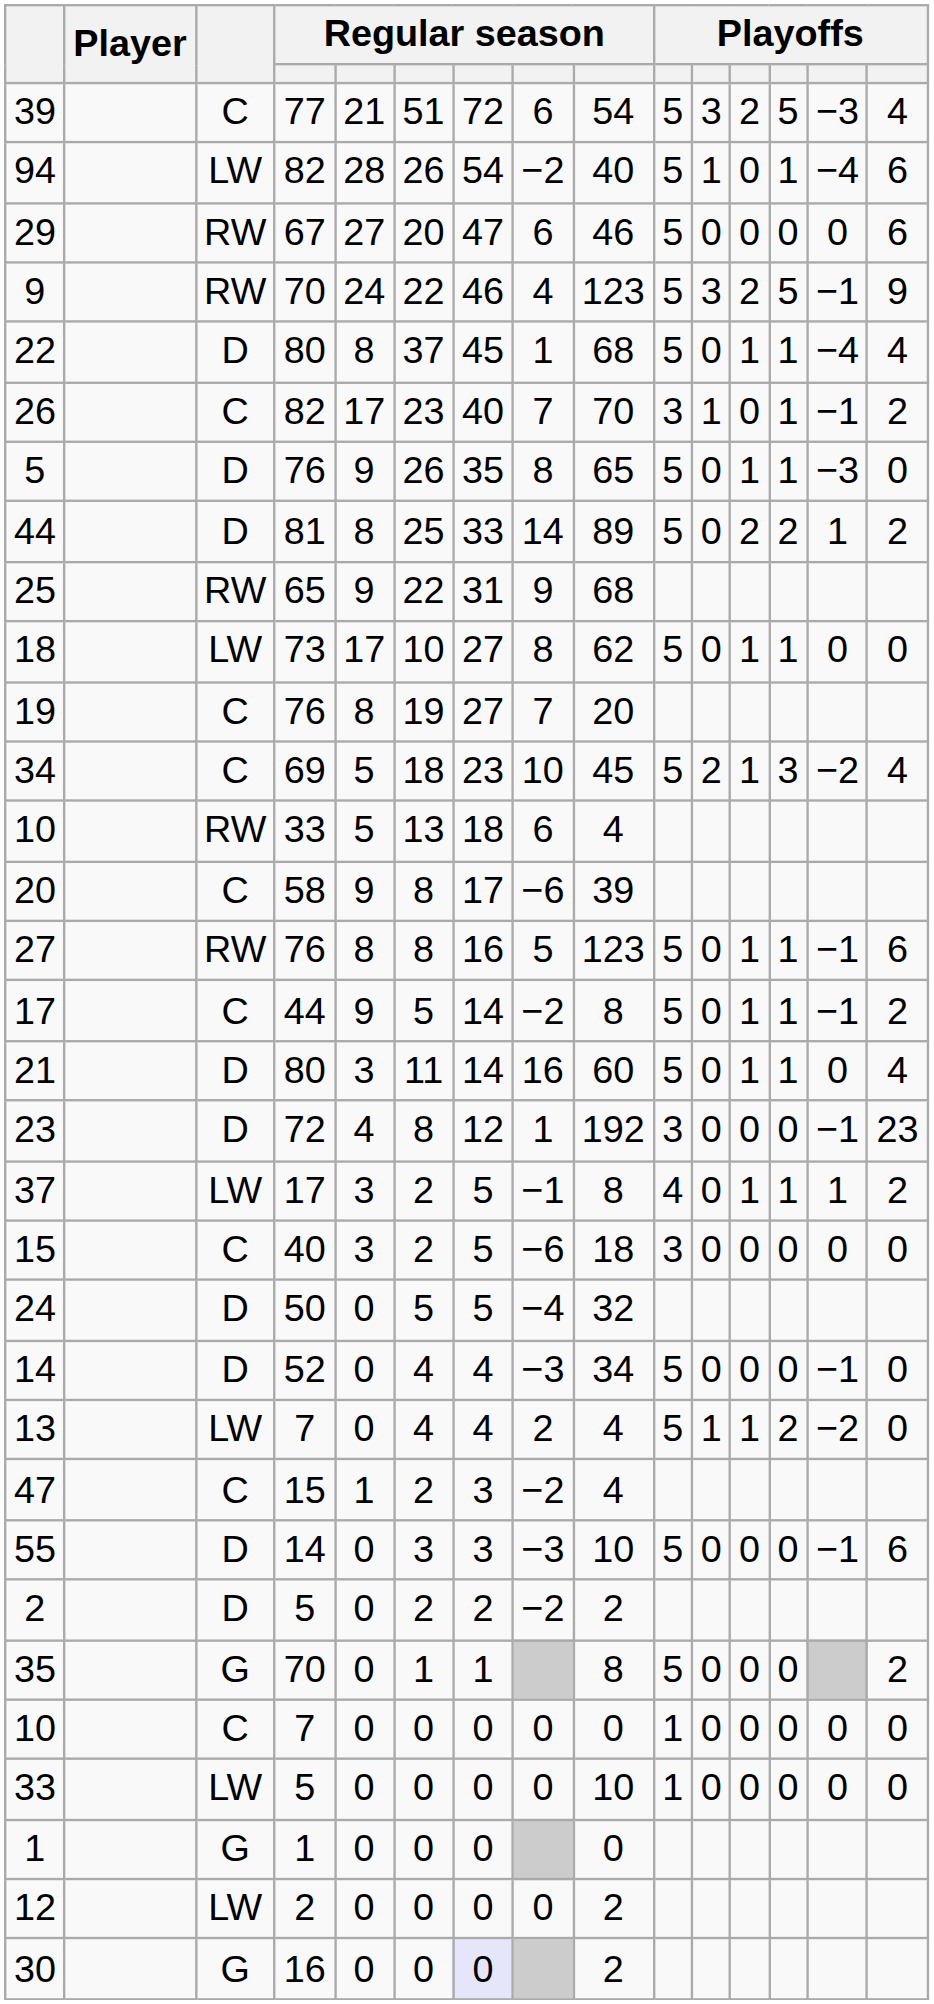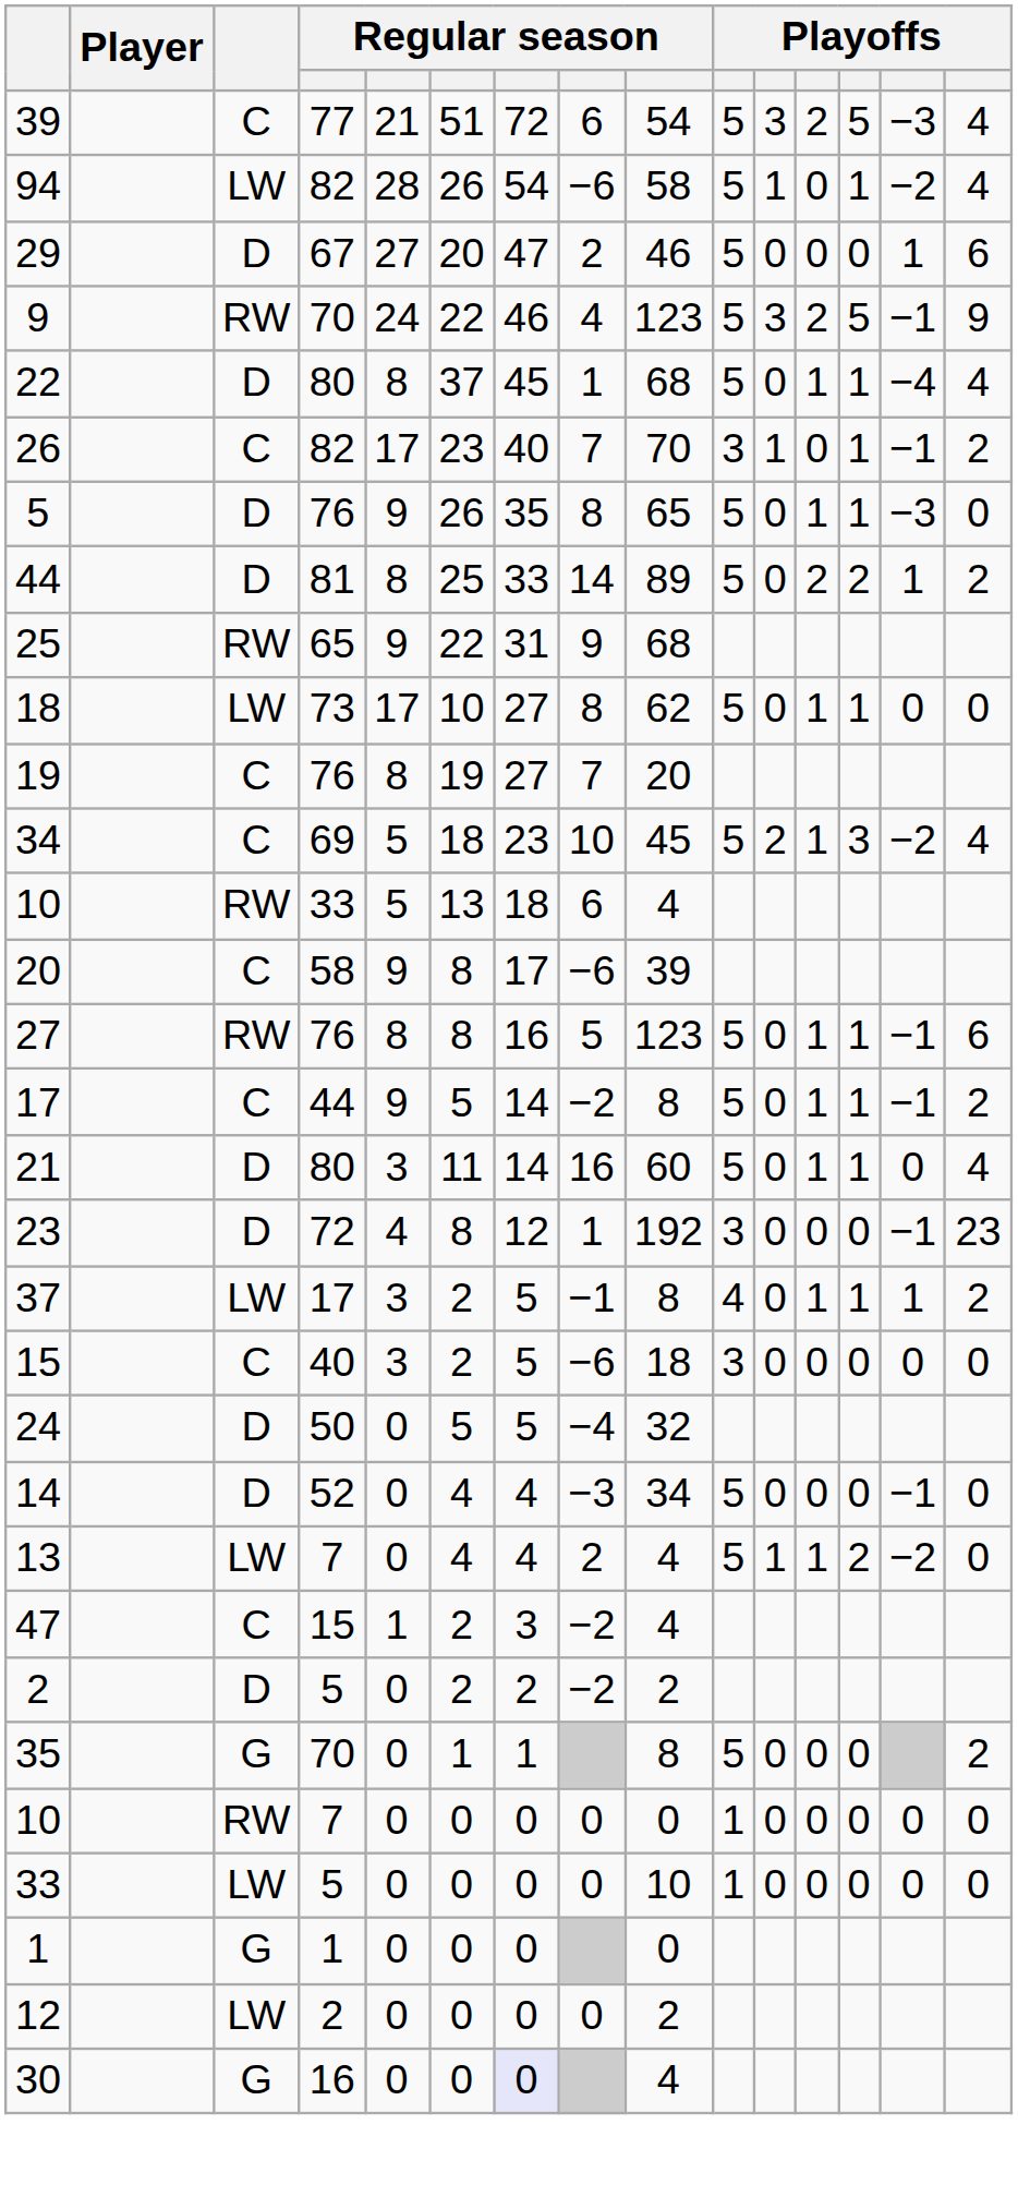 <table class="wikitable sortable plainrowheaders" style="text-align:center;">
 <tr>
 <th scope="col" data-sort-type="number" rowspan="2"></th>
 <th scope="col" rowspan="2">Player</th>
 <th scope="col" rowspan="2"></th>
 <th scope=colgroup colspan=6>Regular season</th>
 <th scope=colgroup colspan=6>Playoffs</th>
 </tr>
 <tr>
 <th scope="col" data-sort-type="number"></th>
 <th scope="col" data-sort-type="number"></th>
 <th scope="col" data-sort-type="number"></th>
 <th scope="col" data-sort-type="number"></th>
 <th scope="col" data-sort-type="number"></th>
 <th scope="col" data-sort-type="number"></th>
 <th scope="col" data-sort-type="number"></th>
 <th scope="col" data-sort-type="number"></th>
 <th scope="col" data-sort-type="number"></th>
 <th scope="col" data-sort-type="number"></th>
 <th scope="col" data-sort-type="number"></th>
 <th scope="col" data-sort-type="number"></th>
 </tr>
 <tr>
 <td scope="row">39</td>
 <td align="left"></td>
 <td>C</td>
 <td>77</td>
 <td>21</td>
 <td>51</td>
 <td>72</td>
 <td>6</td>
 <td>54</td>
 <td>5</td>
 <td>3</td>
 <td>2</td>
 <td>5</td>
 <td>−3</td>
 <td>4</td>
 </tr>
 <tr>
 <td scope="row">94</td>
 <td align="left"></td>
 <td>LW</td>
 <td>82</td>
 <td>28</td>
 <td>26</td>
 <td>54</td>
-<td>−2</td>
-<td>40</td>
+<td>−6</td>
+<td>58</td>
 <td>5</td>
 <td>1</td>
 <td>0</td>
 <td>1</td>
-<td>−4</td>
-<td>6</td>
+<td>−2</td>
+<td>4</td>
 </tr>
 <tr>
 <td scope="row">29</td>
 <td align="left"></td>
-<td>RW</td>
+<td>D</td>
 <td>67</td>
 <td>27</td>
 <td>20</td>
 <td>47</td>
-<td>6</td>
+<td>2</td>
 <td>46</td>
 <td>5</td>
 <td>0</td>
 <td>0</td>
 <td>0</td>
-<td>0</td>
+<td>1</td>
 <td>6</td>
 </tr>
 <tr>
 <td scope="row">9</td>
 <td align="left"></td>
 <td>RW</td>
 <td>70</td>
 <td>24</td>
 <td>22</td>
 <td>46</td>
 <td>4</td>
 <td>123</td>
 <td>5</td>
 <td>3</td>
 <td>2</td>
 <td>5</td>
 <td>−1</td>
 <td>9</td>
 </tr>
 <tr>
 <td scope="row">22</td>
 <td align="left"></td>
 <td>D</td>
 <td>80</td>
 <td>8</td>
 <td>37</td>
 <td>45</td>
 <td>1</td>
 <td>68</td>
 <td>5</td>
 <td>0</td>
 <td>1</td>
 <td>1</td>
 <td>−4</td>
 <td>4</td>
 </tr>
 <tr>
 <td scope="row">26</td>
 <td align="left"></td>
 <td>C</td>
 <td>82</td>
 <td>17</td>
 <td>23</td>
 <td>40</td>
 <td>7</td>
 <td>70</td>
 <td>3</td>
 <td>1</td>
 <td>0</td>
 <td>1</td>
 <td>−1</td>
 <td>2</td>
 </tr>
 <tr>
 <td scope="row">5</td>
 <td align="left"></td>
 <td>D</td>
 <td>76</td>
 <td>9</td>
 <td>26</td>
 <td>35</td>
 <td>8</td>
 <td>65</td>
 <td>5</td>
 <td>0</td>
 <td>1</td>
 <td>1</td>
 <td>−3</td>
 <td>0</td>
 </tr>
 <tr>
 <td scope="row">44</td>
 <td align="left"></td>
 <td>D</td>
 <td>81</td>
 <td>8</td>
 <td>25</td>
 <td>33</td>
 <td>14</td>
 <td>89</td>
 <td>5</td>
 <td>0</td>
 <td>2</td>
 <td>2</td>
 <td>1</td>
 <td>2</td>
 </tr>
 <tr>
 <td scope="row">25</td>
 <td align="left"></td>
 <td>RW</td>
 <td>65</td>
 <td>9</td>
 <td>22</td>
 <td>31</td>
 <td>9</td>
 <td>68</td>
 <td></td>
 <td></td>
 <td></td>
 <td></td>
 <td></td>
 <td></td>
 </tr>
 <tr>
 <td scope="row">18</td>
 <td align="left"></td>
 <td>LW</td>
 <td>73</td>
 <td>17</td>
 <td>10</td>
 <td>27</td>
 <td>8</td>
 <td>62</td>
 <td>5</td>
 <td>0</td>
 <td>1</td>
 <td>1</td>
 <td>0</td>
 <td>0</td>
 </tr>
 <tr>
 <td scope="row">19</td>
 <td align="left"></td>
 <td>C</td>
 <td>76</td>
 <td>8</td>
 <td>19</td>
 <td>27</td>
 <td>7</td>
 <td>20</td>
 <td></td>
 <td></td>
 <td></td>
 <td></td>
 <td></td>
 <td></td>
 </tr>
 <tr>
 <td scope="row">34</td>
 <td align="left"></td>
 <td>C</td>
 <td>69</td>
 <td>5</td>
 <td>18</td>
 <td>23</td>
 <td>10</td>
 <td>45</td>
 <td>5</td>
 <td>2</td>
 <td>1</td>
 <td>3</td>
 <td>−2</td>
 <td>4</td>
 </tr>
 <tr>
 <td scope="row">10</td>
 <td align="left"></td>
 <td>RW</td>
 <td>33</td>
 <td>5</td>
 <td>13</td>
 <td>18</td>
 <td>6</td>
 <td>4</td>
 <td></td>
 <td></td>
 <td></td>
 <td></td>
 <td></td>
 <td></td>
 </tr>
 <tr>
 <td scope="row">20</td>
 <td align="left"></td>
 <td>C</td>
 <td>58</td>
 <td>9</td>
 <td>8</td>
 <td>17</td>
 <td>−6</td>
 <td>39</td>
 <td></td>
 <td></td>
 <td></td>
 <td></td>
 <td></td>
 <td></td>
 </tr>
 <tr>
 <td scope="row">27</td>
 <td align="left"></td>
 <td>RW</td>
 <td>76</td>
 <td>8</td>
 <td>8</td>
 <td>16</td>
 <td>5</td>
 <td>123</td>
 <td>5</td>
 <td>0</td>
 <td>1</td>
 <td>1</td>
 <td>−1</td>
 <td>6</td>
 </tr>
 <tr>
 <td scope="row">17</td>
 <td align="left"></td>
 <td>C</td>
 <td>44</td>
 <td>9</td>
 <td>5</td>
 <td>14</td>
 <td>−2</td>
 <td>8</td>
 <td>5</td>
 <td>0</td>
 <td>1</td>
 <td>1</td>
 <td>−1</td>
 <td>2</td>
 </tr>
 <tr>
 <td scope="row">21</td>
 <td align="left"></td>
 <td>D</td>
 <td>80</td>
 <td>3</td>
 <td>11</td>
 <td>14</td>
 <td>16</td>
 <td>60</td>
 <td>5</td>
 <td>0</td>
 <td>1</td>
 <td>1</td>
 <td>0</td>
 <td>4</td>
 </tr>
 <tr>
 <td scope="row">23</td>
 <td align="left"></td>
 <td>D</td>
 <td>72</td>
 <td>4</td>
 <td>8</td>
 <td>12</td>
 <td>1</td>
 <td>192</td>
 <td>3</td>
 <td>0</td>
 <td>0</td>
 <td>0</td>
 <td>−1</td>
 <td>23</td>
 </tr>
 <tr>
 <td scope="row">37</td>
 <td align="left"></td>
 <td>LW</td>
 <td>17</td>
 <td>3</td>
 <td>2</td>
 <td>5</td>
 <td>−1</td>
 <td>8</td>
 <td>4</td>
 <td>0</td>
 <td>1</td>
 <td>1</td>
 <td>1</td>
 <td>2</td>
 </tr>
 <tr>
 <td scope="row">15</td>
 <td align="left"></td>
 <td>C</td>
 <td>40</td>
 <td>3</td>
 <td>2</td>
 <td>5</td>
 <td>−6</td>
 <td>18</td>
 <td>3</td>
 <td>0</td>
 <td>0</td>
 <td>0</td>
 <td>0</td>
 <td>0</td>
 </tr>
 <tr>
 <td scope="row">24</td>
 <td align="left"></td>
 <td>D</td>
 <td>50</td>
 <td>0</td>
 <td>5</td>
 <td>5</td>
 <td>−4</td>
 <td>32</td>
 <td></td>
 <td></td>
 <td></td>
 <td></td>
 <td></td>
 <td></td>
 </tr>
 <tr>
 <td scope="row">14</td>
 <td align="left"></td>
 <td>D</td>
 <td>52</td>
 <td>0</td>
 <td>4</td>
 <td>4</td>
 <td>−3</td>
 <td>34</td>
 <td>5</td>
 <td>0</td>
 <td>0</td>
 <td>0</td>
 <td>−1</td>
 <td>0</td>
 </tr>
 <tr>
 <td scope="row">13</td>
 <td align="left"></td>
 <td>LW</td>
 <td>7</td>
 <td>0</td>
 <td>4</td>
 <td>4</td>
 <td>2</td>
 <td>4</td>
 <td>5</td>
 <td>1</td>
 <td>1</td>
 <td>2</td>
 <td>−2</td>
 <td>0</td>
 </tr>
 <tr>
 <td scope="row">47</td>
 <td align="left"></td>
 <td>C</td>
 <td>15</td>
 <td>1</td>
 <td>2</td>
 <td>3</td>
 <td>−2</td>
 <td>4</td>
 <td></td>
 <td></td>
 <td></td>
 <td></td>
 <td></td>
 <td></td>
 </tr>
 <tr>
-<td scope="row">55</td>
-<td align="left"></td>
-<td>D</td>
-<td>14</td>
-<td>0</td>
-<td>3</td>
-<td>3</td>
-<td>−3</td>
-<td>10</td>
-<td>5</td>
-<td>0</td>
-<td>0</td>
-<td>0</td>
-<td>−1</td>
-<td>6</td>
-</tr>
-<tr>
 <td scope="row">2</td>
 <td align="left"></td>
 <td>D</td>
 <td>5</td>
 <td>0</td>
 <td>2</td>
 <td>2</td>
 <td>−2</td>
 <td>2</td>
 <td></td>
 <td></td>
 <td></td>
 <td></td>
 <td></td>
 <td></td>
 </tr>
 <tr>
 <td scope="row">35</td>
 <td align="left"></td>
 <td>G</td>
 <td>70</td>
 <td>0</td>
 <td>1</td>
 <td>1</td>
 <td style="background:#ccc"></td>
 <td>8</td>
 <td>5</td>
 <td>0</td>
 <td>0</td>
 <td>0</td>
 <td style="background:#ccc"></td>
 <td>2</td>
 </tr>
 <tr>
 <td scope="row">10</td>
 <td align="left"></td>
-<td>C</td>
+<td>RW</td>
 <td>7</td>
 <td>0</td>
 <td>0</td>
 <td>0</td>
 <td>0</td>
 <td>0</td>
 <td>1</td>
 <td>0</td>
 <td>0</td>
 <td>0</td>
 <td>0</td>
 <td>0</td>
 </tr>
 <tr>
 <td scope="row">33</td>
 <td align="left"></td>
 <td>LW</td>
 <td>5</td>
 <td>0</td>
 <td>0</td>
 <td>0</td>
 <td>0</td>
 <td>10</td>
 <td>1</td>
 <td>0</td>
 <td>0</td>
 <td>0</td>
 <td>0</td>
 <td>0</td>
 </tr>
 <tr>
 <td scope="row">1</td>
 <td align="left"></td>
 <td>G</td>
 <td>1</td>
 <td>0</td>
 <td>0</td>
 <td>0</td>
 <td style="background:#ccc"></td>
 <td>0</td>
 <td></td>
 <td></td>
 <td></td>
 <td></td>
 <td></td>
 <td></td>
 </tr>
 <tr>
 <td scope="row">12</td>
 <td align="left"></td>
 <td>LW</td>
 <td>2</td>
 <td>0</td>
 <td>0</td>
 <td>0</td>
 <td>0</td>
 <td>2</td>
 <td></td>
 <td></td>
 <td></td>
 <td></td>
 <td></td>
 <td></td>
 </tr>
 <tr>
 <td scope="row">30</td>
 <td align="left"></td>
 <td>G</td>
 <td>16</td>
 <td>0</td>
 <td>0</td>
 <td style="background: lavender;">0</td>
 <td style="background:#ccc"></td>
-<td>2</td>
+<td>4</td>
 <td></td>
 <td></td>
 <td></td>
 <td></td>
 <td></td>
 <td></td>
 </tr>
 </table>
